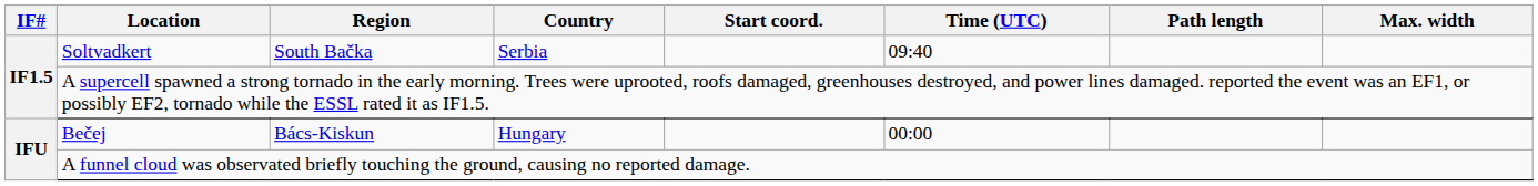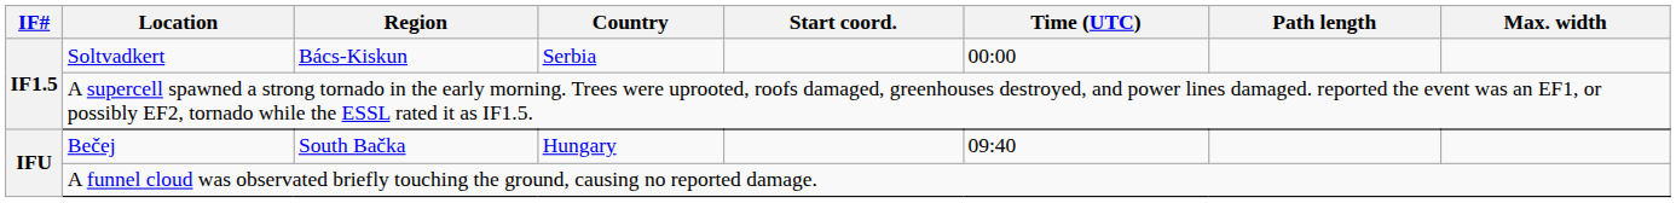 <table class="wikitable sortable" style="width:100%;">
 <tr>
 <th scope="col" width="2%" align="center"><a href='#'>IF#</a></th>
 <th scope="col" align="center" class="unsortable">Location</th>
 <th scope="col" align="center" class="unsortable">Region</th>
 <th scope="col" align="center">Country</th>
 <th scope="col" align="center">Start coord.</th>
 <th scope="col" align="center">Time (<a href='#'>UTC</a>)</th>
 <th scope="col" align="center">Path length</th>
 <th scope="col" align="center">Max. width</th>
 </tr>
 <tr>
 <th scope="row" rowspan="2" style="background-color:#">IF1.5</th>
 <td><a href='#'>Soltvadkert</a></td>
-<td><a href='#'>South Bačka</a></td>
+<td><a href='#'>Bács-Kiskun</a></td>
 <td><a href='#'>Serbia</a></td>
 <td></td>
-<td>09:40</td>
+<td>00:00</td>
 <td></td>
 <td></td>
 </tr>
 <tr class="expand-child">
 <td colspan="8" style=" border-bottom: 1px solid black;">A <a href='#'>supercell</a> spawned a strong tornado in the early morning. Trees were uprooted, roofs damaged, greenhouses destroyed, and power lines damaged.  reported the event was an EF1, or possibly EF2, tornado while the <a href='#'>ESSL</a> rated it as IF1.5.</td>
 </tr>
 <tr>
 <th scope="row" rowspan="2" style="background-color:#">IFU</th>
 <td><a href='#'>Bečej</a></td>
-<td><a href='#'>Bács-Kiskun</a></td>
+<td><a href='#'>South Bačka</a></td>
 <td><a href='#'>Hungary</a></td>
 <td></td>
-<td>00:00</td>
+<td>09:40</td>
 <td></td>
 <td></td>
 </tr>
 <tr class="expand-child">
 <td colspan="8" style=" border-bottom: 1px solid black;">A <a href='#'>funnel cloud</a> was observated briefly touching the ground, causing no reported damage.</td>
 </tr>
 </table>
